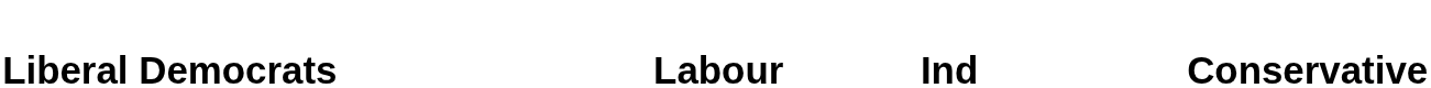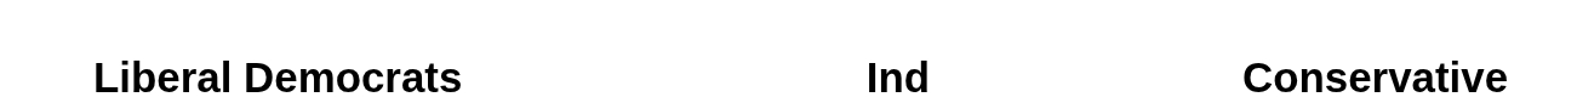 <table style="width:60%; text-align:center;">
 <tr style="color:white;">
 <td style="background:"><strong>15</strong></td>
-<td style="background:"><strong>11</strong></td>
 <td style="background:"><strong>3</strong></td>
 <td style="background:"><strong>22</strong></td>
 </tr>
 <tr>
 <td><span><strong>Liberal Democrats</strong></span></td>
-<td><span><strong>Labour</strong></span></td>
 <td><span><strong>Ind</strong></span></td>
 <td><span><strong>Conservative</strong></span></td>
 </tr>
 </table>
